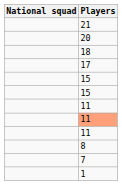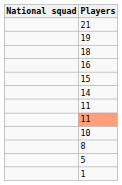 <table class="wikitable sortable">
 <tr>
 <th>National squad</th>
 <th>Players</th>
 </tr>
 <tr>
 <td></td>
 <td>21</td>
 </tr>
 <tr>
 <td></td>
-<td>20</td>
+<td>19</td>
 </tr>
 <tr>
 <td></td>
 <td>18</td>
 </tr>
 <tr>
 <td></td>
-<td>17</td>
+<td>16</td>
 </tr>
 <tr>
 <td></td>
 <td>15</td>
 </tr>
 <tr>
 <td></td>
-<td>15</td>
+<td>14</td>
 </tr>
 <tr>
 <td></td>
 <td>11</td>
 </tr>
 <tr>
 <td></td>
 <td style="background: lightsalmon;">11</td>
 </tr>
 <tr>
 <td></td>
-<td>11</td>
+<td>10</td>
 </tr>
 <tr>
 <td></td>
 <td>8</td>
 </tr>
 <tr>
 <td></td>
-<td>7</td>
+<td>5</td>
 </tr>
 <tr>
 <td></td>
 <td>1</td>
 </tr>
 </table>
